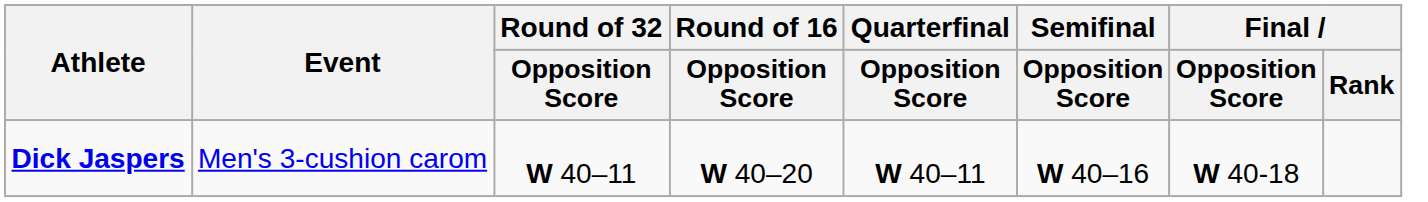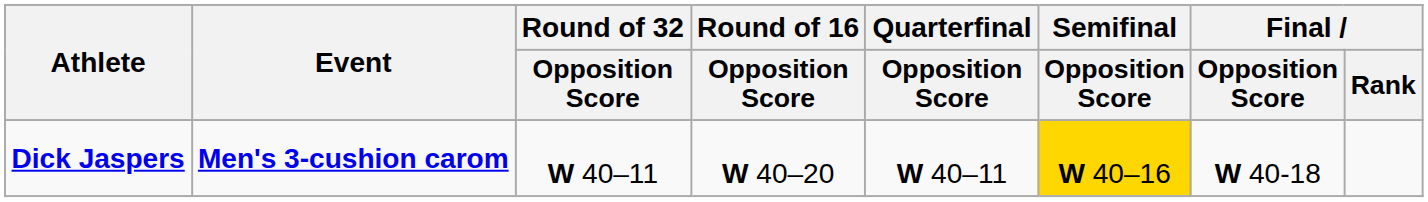 <table class="wikitable" style="font-size:90%">
 <tr>
 <th rowspan=2>Athlete</th>
 <th rowspan=2>Event</th>
 <th>Round of 32</th>
 <th>Round of 16</th>
 <th>Quarterfinal</th>
 <th>Semifinal</th>
 <th colspan="2">Final / </th>
 </tr>
 <tr style="font-size:95%">
 <th>Opposition<br>Score</th>
 <th>Opposition<br>Score</th>
 <th>Opposition<br>Score</th>
 <th>Opposition<br>Score</th>
 <th>Opposition<br>Score</th>
 <th>Rank</th>
 </tr>
 <tr align=center>
 <td align=left><strong><a href='#'>Dick Jaspers</a></strong></td>
-<td align=left><a href='#'>Men's 3-cushion carom</a></td>
+<td align=left><strong><a href='#'>Men's 3-cushion carom</a></strong></td>
 <td><br><strong>W</strong> 40–11</td>
 <td><br><strong>W</strong> 40–20</td>
 <td><br><strong>W</strong> 40–11</td>
-<td><br><strong>W</strong> 40–16</td>
+<td style="background: gold;"><br><strong>W</strong> 40–16</td>
 <td><br><strong>W</strong> 40-18</td>
 <td></td>
 </tr>
 </table>
